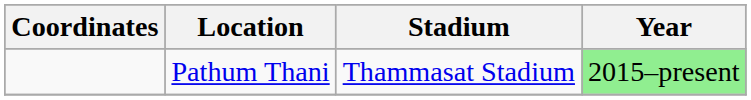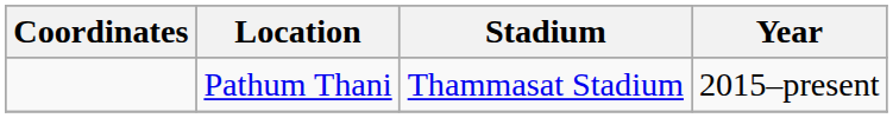 <table class="wikitable sortable">
 <tr>
 <th>Coordinates</th>
 <th>Location</th>
 <th>Stadium</th>
 <th>Year</th>
 </tr>
 <tr>
 <td></td>
 <td><a href='#'>Pathum Thani</a></td>
 <td><a href='#'>Thammasat Stadium</a></td>
-<td style="background: lightgreen;">2015–present</td>
+<td>2015–present</td>
 </tr>
 <tr>
 </tr>
 </table>
